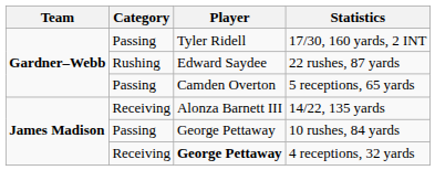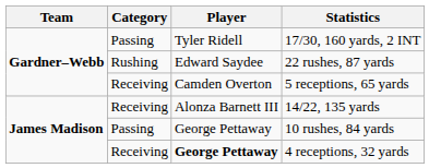 <table class="wikitable" style="float: right;">
 <tr>
 <th>Team</th>
 <th>Category</th>
 <th>Player</th>
 <th>Statistics</th>
 </tr>
 <tr>
 <td rowspan=3><strong>Gardner–Webb</strong></td>
 <td>Passing</td>
 <td>Tyler Ridell</td>
 <td>17/30, 160 yards, 2 INT</td>
 </tr>
 <tr>
 <td>Rushing</td>
 <td>Edward Saydee</td>
 <td>22 rushes, 87 yards</td>
 </tr>
 <tr>
-<td>Passing</td>
+<td>Receiving</td>
 <td>Camden Overton</td>
 <td>5 receptions, 65 yards</td>
 </tr>
 <tr>
 <td rowspan=3><strong>James Madison</strong></td>
 <td>Receiving</td>
 <td>Alonza Barnett III</td>
 <td>14/22, 135 yards</td>
 </tr>
 <tr>
 <td>Passing</td>
 <td>George Pettaway</td>
 <td>10 rushes, 84 yards</td>
 </tr>
 <tr>
 <td>Receiving</td>
 <td><strong>George Pettaway</strong></td>
 <td>4 receptions, 32 yards</td>
 </tr>
 </table>
